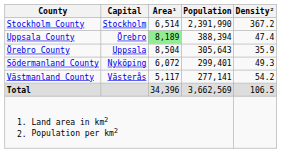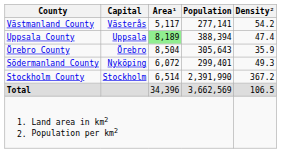 <table class="wikitable" align="right">
 <tr>
 <th>County</th>
 <th>Capital</th>
 <th>Area¹</th>
 <th>Population</th>
 <th>Density²</th>
 </tr>
 <tr align=right>
-<td align=left><a href='#'>Stockholm County</a></td>
-<td><a href='#'>Stockholm</a></td>
-<td>6,514</td>
-<td>2,391,990</td>
-<td>367.2</td>
+<td align=left><a href='#'>Västmanland County</a></td>
+<td><a href='#'>Västerås</a></td>
+<td>5,117</td>
+<td>277,141</td>
+<td>54.2</td>
 </tr>
 <tr align=right>
 <td align=left><a href='#'>Uppsala County</a></td>
-<td><a href='#'>Örebro</a></td>
+<td><a href='#'>Uppsala</a></td>
 <td style="background: lightgreen;">8,189</td>
 <td>388,394</td>
 <td>47.4</td>
 </tr>
 <tr align=right>
 <td align=left><a href='#'>Örebro County</a></td>
-<td><a href='#'>Uppsala</a></td>
+<td><a href='#'>Örebro</a></td>
 <td>8,504</td>
 <td>305,643</td>
 <td>35.9</td>
 </tr>
 <tr align=right>
 <td align=left><a href='#'>Södermanland County</a></td>
 <td><a href='#'>Nyköping</a></td>
 <td>6,072</td>
 <td>299,401</td>
 <td>49.3</td>
 </tr>
 <tr align=right>
-<td align=left><a href='#'>Västmanland County</a></td>
-<td><a href='#'>Västerås</a></td>
-<td>5,117</td>
-<td>277,141</td>
-<td>54.2</td>
+<td align=left><a href='#'>Stockholm County</a></td>
+<td><a href='#'>Stockholm</a></td>
+<td>6,514</td>
+<td>2,391,990</td>
+<td>367.2</td>
 </tr>
 <tr align=right bgcolor=#dddddd>
 <td align=left><strong>Total</strong></td>
 <td></td>
 <td>34,396</td>
 <td>3,662,569</td>
 <td>106.5</td>
 </tr>
 <tr>
 <td colspan="4"><br><ol><li>Land area in km<sup>2</sup></li><li>Population per km<sup>2</sup></li></ol></td>
 </tr>
 </table>
